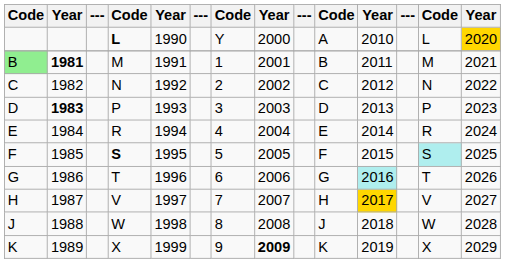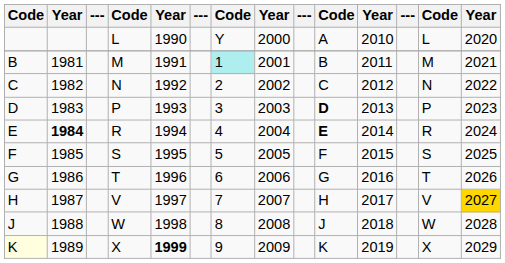 <table class="wikitable">
 <tr>
 <th>Code</th>
 <th>Year</th>
 <th>---</th>
 <th>Code</th>
 <th>Year</th>
 <th>---</th>
 <th>Code</th>
 <th>Year</th>
 <th>---</th>
 <th>Code</th>
 <th>Year</th>
 <th>---</th>
 <th>Code</th>
 <th>Year</th>
 </tr>
 <tr>
 <td></td>
 <td></td>
 <td></td>
-<td><strong>L</strong></td>
+<td>L</td>
 <td>1990</td>
 <td></td>
 <td>Y</td>
 <td>2000</td>
 <td></td>
 <td>A</td>
 <td>2010</td>
 <td></td>
 <td>L</td>
-<td style="background: gold;">2020</td>
+<td>2020</td>
 </tr>
 <tr>
 </tr>
 <tr>
-<td style="background: lightgreen;">B</td>
-<td><strong>1981</strong></td>
+<td>B</td>
+<td>1981</td>
 <td></td>
 <td>M</td>
 <td>1991</td>
 <td></td>
-<td>1</td>
+<td style="background: paleturquoise;">1</td>
 <td>2001</td>
 <td></td>
 <td>B</td>
 <td>2011</td>
 <td></td>
 <td>M</td>
 <td>2021</td>
 </tr>
 <tr>
 <td>C</td>
 <td>1982</td>
 <td></td>
 <td>N</td>
 <td>1992</td>
 <td></td>
 <td>2</td>
 <td>2002</td>
 <td></td>
 <td>C</td>
 <td>2012</td>
 <td></td>
 <td>N</td>
 <td>2022</td>
 </tr>
 <tr>
 <td>D</td>
-<td><strong>1983</strong></td>
+<td>1983</td>
 <td></td>
 <td>P</td>
 <td>1993</td>
 <td></td>
 <td>3</td>
 <td>2003</td>
 <td></td>
-<td>D</td>
+<td><strong>D</strong></td>
 <td>2013</td>
 <td></td>
 <td>P</td>
 <td>2023</td>
 </tr>
 <tr>
 <td>E</td>
-<td>1984</td>
+<td><strong>1984</strong></td>
 <td></td>
 <td>R</td>
 <td>1994</td>
 <td></td>
 <td>4</td>
 <td>2004</td>
 <td></td>
-<td>E</td>
+<td><strong>E</strong></td>
 <td>2014</td>
 <td></td>
 <td>R</td>
 <td>2024</td>
 </tr>
 <tr>
 <td>F</td>
 <td>1985</td>
 <td></td>
-<td><strong>S</strong></td>
+<td>S</td>
 <td>1995</td>
 <td></td>
 <td>5</td>
 <td>2005</td>
 <td></td>
 <td>F</td>
 <td>2015</td>
 <td></td>
-<td style="background: paleturquoise;">S</td>
+<td>S</td>
 <td>2025</td>
 </tr>
 <tr>
 <td>G</td>
 <td>1986</td>
 <td></td>
 <td>T</td>
 <td>1996</td>
 <td></td>
 <td>6</td>
 <td>2006</td>
 <td></td>
 <td>G</td>
-<td style="background: paleturquoise;">2016</td>
+<td>2016</td>
 <td></td>
 <td>T</td>
 <td>2026</td>
 </tr>
 <tr>
 <td>H</td>
 <td>1987</td>
 <td></td>
 <td>V</td>
 <td>1997</td>
 <td></td>
 <td>7</td>
 <td>2007</td>
 <td></td>
 <td>H</td>
-<td style="background: gold;">2017</td>
+<td>2017</td>
 <td></td>
 <td>V</td>
-<td>2027</td>
+<td style="background: gold;">2027</td>
 </tr>
 <tr>
 <td>J</td>
 <td>1988</td>
 <td></td>
 <td>W</td>
 <td>1998</td>
 <td></td>
 <td>8</td>
 <td>2008</td>
 <td></td>
 <td>J</td>
 <td>2018</td>
 <td></td>
 <td>W</td>
 <td>2028</td>
 </tr>
 <tr>
-<td>K</td>
+<td style="background: lightyellow;">K</td>
 <td>1989</td>
 <td></td>
 <td>X</td>
-<td>1999</td>
+<td><strong>1999</strong></td>
 <td></td>
 <td>9</td>
-<td><strong>2009</strong></td>
+<td>2009</td>
 <td></td>
 <td>K</td>
 <td>2019</td>
 <td></td>
 <td>X</td>
 <td>2029</td>
 </tr>
 </table>
